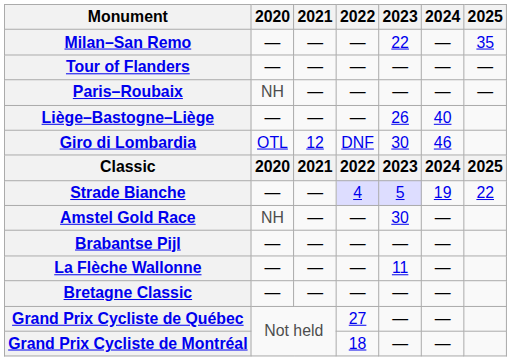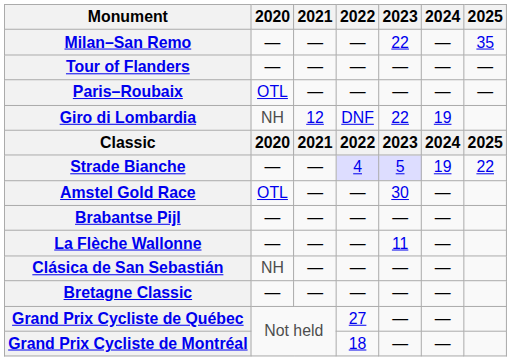 <table class="wikitable plainrowheaders">
 <tr>
 <th>Monument</th>
 <th scope="col">2020</th>
 <th scope="col">2021</th>
 <th scope="col">2022</th>
 <th scope="col">2023</th>
 <th scope="col">2024</th>
 <th scope="col">2025</th>
 </tr>
 <tr style="text-align:center;">
 <th scope="row"><a href='#'>Milan–San Remo</a></th>
 <td>—</td>
 <td>—</td>
 <td>—</td>
 <td><a href='#'>22</a></td>
 <td>—</td>
 <td><a href='#'>35</a></td>
 </tr>
 <tr style="text-align:center;">
 <th scope="row"><a href='#'>Tour of Flanders</a></th>
 <td>—</td>
 <td>—</td>
 <td>—</td>
 <td>—</td>
 <td>—</td>
 <td>—</td>
 </tr>
 <tr style="text-align:center;">
 <th scope="row"><a href='#'>Paris–Roubaix</a></th>
-<td style="color:#4d4d4d;">NH</td>
+<td><a href='#'>OTL</a></td>
 <td>—</td>
 <td>—</td>
 <td>—</td>
 <td>—</td>
 <td>—</td>
 </tr>
 <tr style="text-align:center;">
-<th scope="row"><a href='#'>Liège–Bastogne–Liège</a></th>
-<td>—</td>
-<td>—</td>
-<td>—</td>
-<td><a href='#'>26</a></td>
-<td><a href='#'>40</a></td>
-<td></td>
-</tr>
-<tr style="text-align:center;">
 <th scope="row"><a href='#'>Giro di Lombardia</a></th>
-<td><a href='#'>OTL</a></td>
+<td style="color:#4d4d4d;">NH</td>
 <td><a href='#'>12</a></td>
 <td><a href='#'>DNF</a></td>
-<td><a href='#'>30</a></td>
-<td><a href='#'>46</a></td>
+<td><a href='#'>22</a></td>
+<td><a href='#'>19</a></td>
 <td></td>
 </tr>
 <tr>
 <th>Classic</th>
 <th scope="col">2020</th>
 <th scope="col">2021</th>
 <th scope="col">2022</th>
 <th scope="col">2023</th>
 <th scope="col">2024</th>
 <th scope="col">2025</th>
 </tr>
 <tr style="text-align:center;">
 <th scope="row"><a href='#'>Strade Bianche</a></th>
 <td>—</td>
 <td>—</td>
 <td style="background:#ddf;"><a href='#'>4</a></td>
 <td style="background:#ddf;"><a href='#'>5</a></td>
 <td><a href='#'>19</a></td>
 <td><a href='#'>22</a></td>
 </tr>
 <tr style="text-align:center;">
 <th scope="row"><a href='#'>Amstel Gold Race</a></th>
-<td style="color:#4d4d4d;">NH</td>
+<td><a href='#'>OTL</a></td>
 <td>—</td>
 <td>—</td>
 <td><a href='#'>30</a></td>
 <td>—</td>
 <td></td>
 </tr>
 <tr style="text-align:center;">
 <th scope="row"><a href='#'>Brabantse Pijl</a></th>
 <td>—</td>
 <td>—</td>
 <td>—</td>
 <td>—</td>
 <td>—</td>
 <td></td>
 </tr>
 <tr style="text-align:center;">
 <th scope="row"><a href='#'>La Flèche Wallonne</a></th>
 <td>—</td>
 <td>—</td>
 <td>—</td>
 <td><a href='#'>11</a></td>
+<td>—</td>
+<td></td>
+</tr>
+<tr style="text-align:center;">
+<th scope="row"><a href='#'>Clásica de San Sebastián</a></th>
+<td style="color:#4d4d4d;">NH</td>
+<td>—</td>
+<td>—</td>
+<td>—</td>
 <td>—</td>
 <td></td>
 </tr>
 <tr style="text-align:center;">
 <th scope="row"><a href='#'>Bretagne Classic</a></th>
 <td>—</td>
 <td>—</td>
 <td>—</td>
 <td>—</td>
 <td>—</td>
 <td></td>
 </tr>
 <tr style="text-align:center;">
 <th scope="row"><a href='#'>Grand Prix Cycliste de Québec</a></th>
 <td style="color:#4d4d4d;" rowspan=2 colspan=2>Not held</td>
 <td><a href='#'>27</a></td>
 <td>—</td>
 <td>—</td>
 <td></td>
 </tr>
 <tr style="text-align:center;">
 <th scope="row"><a href='#'>Grand Prix Cycliste de Montréal</a></th>
 <td><a href='#'>18</a></td>
 <td>—</td>
 <td>—</td>
 <td></td>
 </tr>
 </table>
